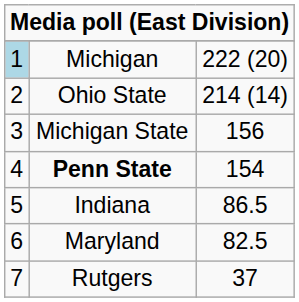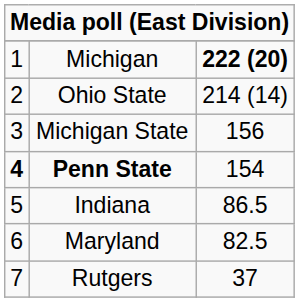 <table class="wikitable" style="display: inline-table;">
 <tr>
 <td align="center" Colspan="3"><strong>Media poll (East Division)</strong></td>
 </tr>
 <tr align="center">
 </tr>
 <tr align="center">
-<td style="background: lightblue;">1</td>
+<td>1</td>
 <td>Michigan</td>
-<td>222 (20)</td>
+<td><strong>222 (20)</strong></td>
 </tr>
 <tr align="center">
 <td>2</td>
 <td>Ohio State</td>
 <td>214 (14)</td>
 </tr>
 <tr align="center">
 <td>3</td>
 <td>Michigan State</td>
 <td>156</td>
 </tr>
 <tr align="center">
-<td>4</td>
+<td><strong>4</strong></td>
 <td><strong>Penn State</strong></td>
 <td>154</td>
 </tr>
 <tr align="center">
 <td>5</td>
 <td>Indiana</td>
 <td>86.5</td>
 </tr>
 <tr align="center">
 <td>6</td>
 <td>Maryland</td>
 <td>82.5</td>
 </tr>
 <tr align="center">
 <td>7</td>
 <td>Rutgers</td>
 <td>37</td>
 </tr>
 </table>
